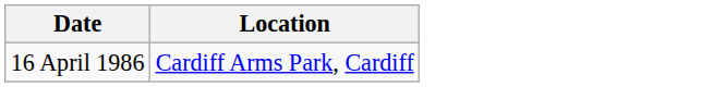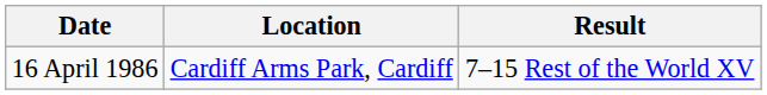 <table class="wikitable" style="align:center;">
 <tr>
 <th>Date</th>
 <th>Location</th>
+<th>Result</th>
 </tr>
 <tr>
 <td>16 April 1986</td>
 <td><a href='#'>Cardiff Arms Park</a>, <a href='#'>Cardiff</a></td>
+<td> 7–15 <a href='#'>Rest of the World XV</a></td>
 </tr>
 </table>
